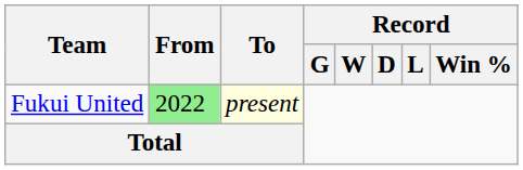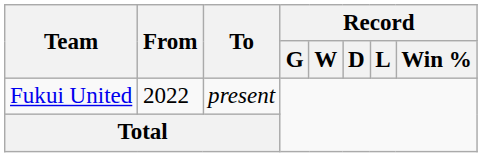 <table class="wikitable" style="text-align: center">
 <tr>
 <th rowspan="2">Team</th>
 <th rowspan="2">From</th>
 <th rowspan="2">To</th>
 <th colspan="5">Record</th>
 </tr>
 <tr>
 <th>G</th>
 <th>W</th>
 <th>D</th>
 <th>L</th>
 <th>Win %</th>
 </tr>
 <tr>
 <td align="left"><a href='#'>Fukui United</a></td>
-<td align="left" style="background: lightgreen;">2022</td>
-<td align="left" style="background: lightyellow;"><em>present</em><br></td>
+<td align="left">2022</td>
+<td align="left"><em>present</em><br></td>
 </tr>
 <tr>
 <th colspan="3">Total<br></th>
 </tr>
 </table>
